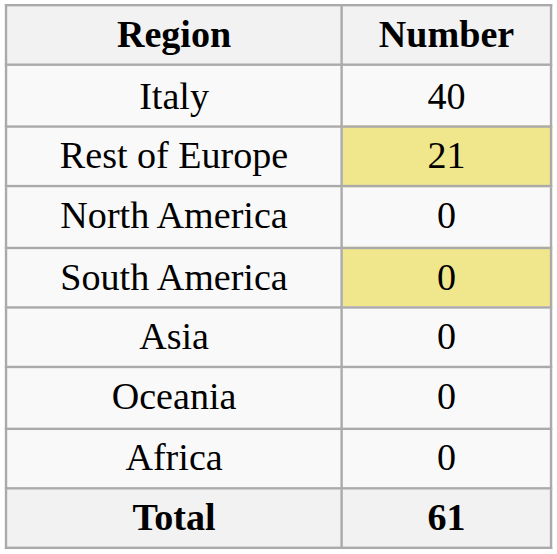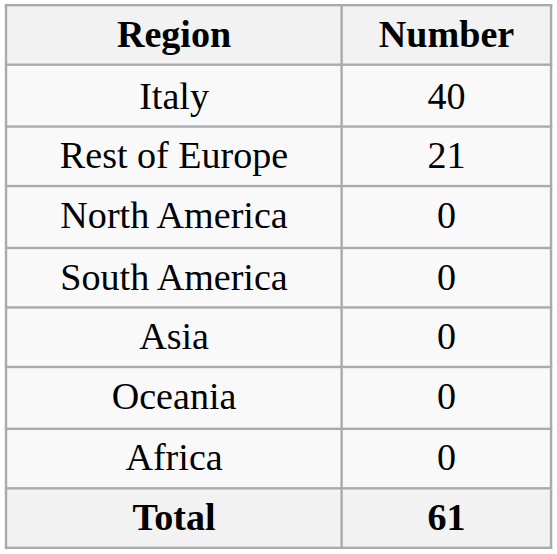 <table class="wikitable sortable" style="width:230px; float:right; margin:0 1em;">
 <tr>
 <th scope="col">Region</th>
 <th scope="col">Number</th>
 </tr>
 <tr>
 <td style="text-align:center" scope="row">Italy</td>
 <td style="text-align:center">40</td>
 </tr>
 <tr>
 <td style="text-align:center" scope="row" data-sort-value="Europe, Rest of">Rest of Europe</td>
-<td style="background: khaki; text-align:center">21</td>
+<td style="text-align:center">21</td>
 </tr>
 <tr>
 <td style="text-align:center" scope="row" data-sort-value="America, North">North America</td>
 <td style="text-align:center">0</td>
 </tr>
 <tr>
 <td style="text-align:center" scope="row" data-sort-value="America, South">South America</td>
-<td style="background: khaki; text-align:center">0</td>
+<td style="text-align:center">0</td>
 </tr>
 <tr>
 <td style="text-align:center" scope="row">Asia</td>
 <td style="text-align:center">0</td>
 </tr>
 <tr>
 <td style="text-align:center" scope="row">Oceania</td>
 <td style="text-align:center">0</td>
 </tr>
 <tr>
 <td style="text-align:center" scope="row">Africa</td>
 <td style="text-align:center">0</td>
 </tr>
 <tr>
 <th scope="row">Total</th>
 <th>61</th>
 </tr>
 </table>
